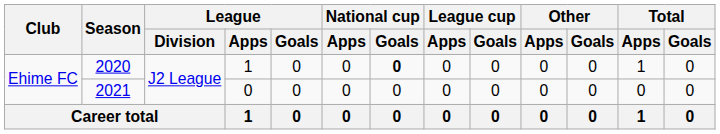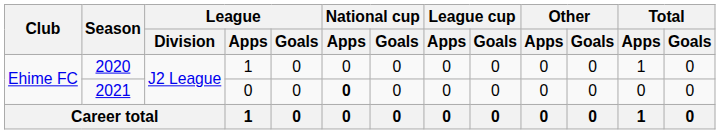 <table class="wikitable" style="text-align:center">
 <tr>
 <th rowspan="2">Club</th>
 <th rowspan="2">Season</th>
 <th colspan="3">League</th>
 <th colspan="2">National cup</th>
 <th colspan="2">League cup</th>
 <th colspan="2">Other</th>
 <th colspan="2">Total</th>
 </tr>
 <tr>
 <th>Division</th>
 <th>Apps</th>
 <th>Goals</th>
 <th>Apps</th>
 <th>Goals</th>
 <th>Apps</th>
 <th>Goals</th>
 <th>Apps</th>
 <th>Goals</th>
 <th>Apps</th>
 <th>Goals</th>
 </tr>
 <tr>
 <td rowspan="2"><a href='#'>Ehime FC</a></td>
 <td><a href='#'>2020</a></td>
 <td rowspan="2"><a href='#'>J2 League</a></td>
 <td>1</td>
 <td>0</td>
 <td>0</td>
-<td><strong>0</strong></td>
+<td>0</td>
 <td>0</td>
 <td>0</td>
 <td>0</td>
 <td>0</td>
 <td>1</td>
 <td>0</td>
 </tr>
 <tr>
 <td><a href='#'>2021</a></td>
 <td>0</td>
 <td>0</td>
-<td>0</td>
+<td><strong>0</strong></td>
 <td>0</td>
 <td>0</td>
 <td>0</td>
 <td>0</td>
 <td>0</td>
 <td>0</td>
 <td>0</td>
 </tr>
 <tr>
 <th colspan="3">Career total</th>
 <th>1</th>
 <th>0</th>
 <th>0</th>
 <th>0</th>
 <th>0</th>
 <th>0</th>
 <th>0</th>
 <th>0</th>
 <th>1</th>
 <th>0</th>
 </tr>
 </table>
